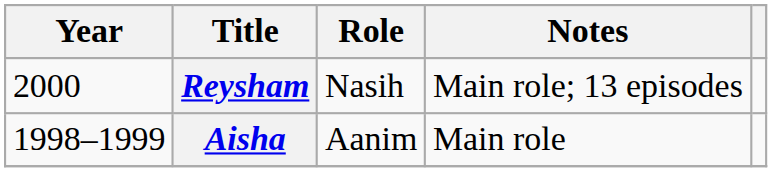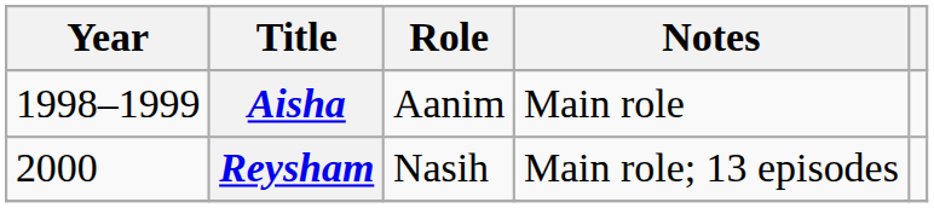 <table class="wikitable sortable plainrowheaders">
 <tr style="background:#ccc; text-align:center;">
 <th scope="col">Year</th>
 <th scope="col">Title</th>
 <th scope="col">Role</th>
 <th scope="col">Notes</th>
 <th scope="col" class="unsortable"></th>
 </tr>
 <tr>
+<td>1998–1999</td>
+<th scope="row"><em><a href='#'>Aisha</a></em></th>
+<td>Aanim</td>
+<td>Main role</td>
+<td style="text-align: center;"></td>
+</tr>
+<tr>
 <td>2000</td>
 <th scope="row"><em><a href='#'>Reysham</a></em></th>
 <td>Nasih</td>
 <td>Main role; 13 episodes</td>
 <td style="text-align: center;"></td>
 </tr>
 <tr>
-<td>1998–1999</td>
-<th scope="row"><em><a href='#'>Aisha</a></em></th>
-<td>Aanim</td>
-<td>Main role</td>
-<td style="text-align: center;"></td>
-</tr>
-<tr>
 </tr>
 </table>
